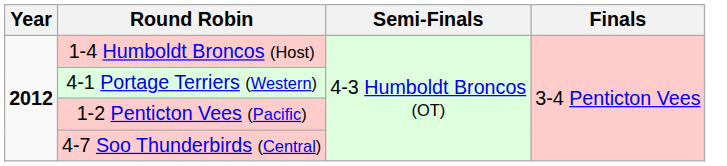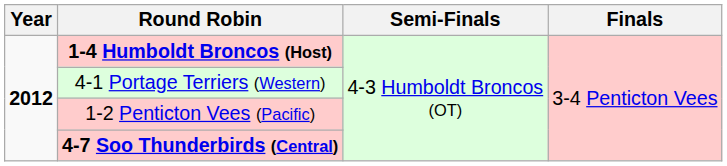 <table class="wikitable" style="text-align:center">
 <tr>
 <th>Year</th>
 <th>Round Robin</th>
 <th>Semi-Finals</th>
 <th>Finals</th>
 </tr>
 <tr>
 <td rowspan="4"><strong>2012</strong></td>
-<td style="background:#FFCCCC">1-4 <a href='#'>Humboldt Broncos</a> <small>(Host)</small></td>
+<td style="background:#FFCCCC"><strong>1-4 <a href='#'>Humboldt Broncos</a> <small>(Host)</small></strong></td>
 <td rowspan="4"style="background:#DDFFDD">4-3 <a href='#'>Humboldt Broncos</a> <br><small>(OT)</small></td>
 <td rowspan="4"style="background:#FFCCCC">3-4 <a href='#'>Penticton Vees</a></td>
 </tr>
 <tr>
 <td style="background:#DDFFDD">4-1 <a href='#'>Portage Terriers</a> <small>(<a href='#'>Western</a>)</small></td>
 </tr>
 <tr>
 <td style="background:#FFCCCC">1-2 <a href='#'>Penticton Vees</a> <small>(<a href='#'>Pacific</a>)</small></td>
 </tr>
 <tr>
-<td style="background:#FFCCCC">4-7 <a href='#'>Soo Thunderbirds</a> <small>(<a href='#'>Central</a>)</small></td>
+<td style="background:#FFCCCC"><strong>4-7 <a href='#'>Soo Thunderbirds</a> <small>(<a href='#'>Central</a>)</small></strong></td>
 </tr>
 </table>
